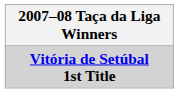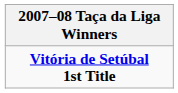 <table class="wikitable" style="text-align: center; margin: 0 auto; width: 20%">
 <tr>
 <th>2007–08 Taça da Liga Winners</th>
 </tr>
 <tr>
-<td style="background: lightgrey;"><strong><a href='#'>Vitória de Setúbal</a></strong><br><strong>1st Title</strong></td>
+<td><strong><a href='#'>Vitória de Setúbal</a></strong><br><strong>1st Title</strong></td>
 </tr>
 </table>
